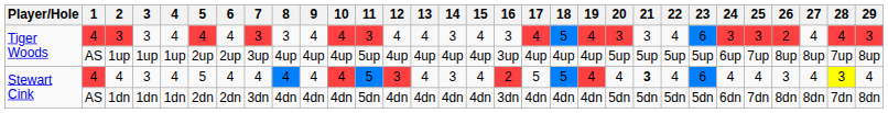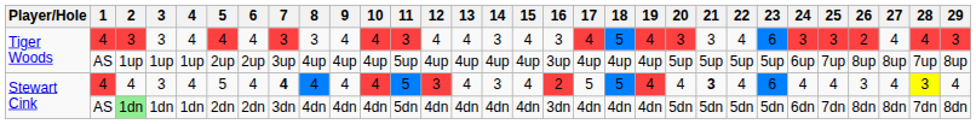 <table class="wikitable" style="text-align:center">
 <tr>
 <th>Player/Hole</th>
 <th>1</th>
 <th>2</th>
 <th>3</th>
 <th>4</th>
 <th>5</th>
 <th>6</th>
 <th>7</th>
 <th>8</th>
 <th>9</th>
 <th>10</th>
 <th>11</th>
 <th>12</th>
 <th>13</th>
 <th>14</th>
 <th>15</th>
 <th>16</th>
 <th>17</th>
 <th>18</th>
 <th>19</th>
 <th>20</th>
 <th>21</th>
 <th>22</th>
 <th>23</th>
 <th>24</th>
 <th>25</th>
 <th>26</th>
 <th>27</th>
 <th>28</th>
 <th>29</th>
 </tr>
 <tr>
 <td rowspan=2 align=left><a href='#'>Tiger Woods</a></td>
 <td style="background:#FF4040;">4</td>
 <td style="background:#FF4040;">3</td>
 <td>3</td>
 <td>4</td>
 <td style="background:#FF4040;">4</td>
 <td>4</td>
 <td style="background:#FF4040;">3</td>
 <td>3</td>
 <td>4</td>
 <td style="background:#FF4040;">4</td>
 <td style="background:#FF4040;">3</td>
 <td>4</td>
 <td>4</td>
 <td>3</td>
 <td>4</td>
 <td>3</td>
 <td style="background:#FF4040;">4</td>
 <td style="background:#007FFF;">5</td>
 <td style="background:#FF4040;">4</td>
 <td style="background:#FF4040;">3</td>
 <td>3</td>
 <td>4</td>
 <td style="background:#007FFF;">6</td>
 <td style="background:#FF4040;">3</td>
 <td style="background:#FF4040;">3</td>
 <td style="background:#FF4040;">2</td>
 <td>4</td>
 <td style="background:#FF4040;">4</td>
 <td style="background:#FF4040;">3</td>
 </tr>
 <tr>
 <td>AS</td>
 <td>1up</td>
 <td>1up</td>
 <td>1up</td>
 <td>2up</td>
 <td>2up</td>
 <td>3up</td>
 <td>4up</td>
 <td>4up</td>
 <td>4up</td>
 <td>5up</td>
 <td>4up</td>
 <td>4up</td>
 <td>4up</td>
 <td>4up</td>
 <td>3up</td>
 <td>4up</td>
 <td>4up</td>
 <td>4up</td>
 <td>5up</td>
 <td>5up</td>
 <td>5up</td>
 <td>5up</td>
 <td>6up</td>
 <td>7up</td>
 <td>8up</td>
 <td>8up</td>
 <td>7up</td>
 <td>8up</td>
 </tr>
 <tr>
 <td rowspan=2 align=left><a href='#'>Stewart Cink</a></td>
 <td style="background:#FF4040;">4</td>
 <td>4</td>
 <td>3</td>
 <td>4</td>
 <td>5</td>
 <td>4</td>
-<td>4</td>
+<td><strong>4</strong></td>
 <td style="background:#007FFF;">4</td>
 <td>4</td>
 <td style="background:#FF4040;">4</td>
 <td style="background:#007FFF;">5</td>
 <td style="background:#FF4040;">3</td>
 <td>4</td>
 <td>3</td>
 <td>4</td>
 <td style="background:#FF4040;">2</td>
 <td>5</td>
 <td style="background:#007FFF;">5</td>
 <td style="background:#FF4040;">4</td>
 <td>4</td>
 <td><strong>3</strong></td>
 <td>4</td>
 <td style="background:#007FFF;">6</td>
 <td>4</td>
 <td>4</td>
 <td>3</td>
 <td>4</td>
 <td style="background:#FFFF00;">3</td>
 <td>4</td>
 </tr>
 <tr>
 <td>AS</td>
-<td>1dn</td>
+<td style="background: lightgreen;">1dn</td>
 <td>1dn</td>
 <td>1dn</td>
 <td>2dn</td>
 <td>2dn</td>
 <td>3dn</td>
 <td>4dn</td>
 <td>4dn</td>
 <td>4dn</td>
 <td>5dn</td>
 <td>4dn</td>
 <td>4dn</td>
 <td>4dn</td>
 <td>4dn</td>
 <td>3dn</td>
 <td>4dn</td>
 <td>4dn</td>
 <td>4dn</td>
 <td>5dn</td>
 <td>5dn</td>
 <td>5dn</td>
 <td>5dn</td>
 <td>6dn</td>
 <td>7dn</td>
 <td>8dn</td>
 <td>8dn</td>
 <td>7dn</td>
 <td>8dn</td>
 </tr>
 </table>
